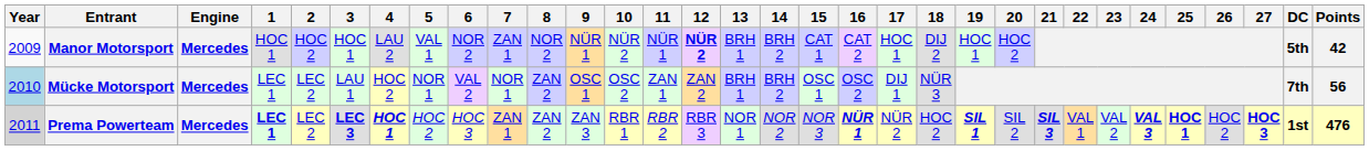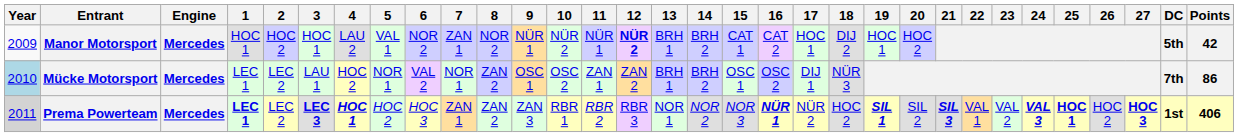 <table class="wikitable" style="text-align:center; font-size:85%">
 <tr>
 <th>Year</th>
 <th>Entrant</th>
 <th>Engine</th>
 <th>1</th>
 <th>2</th>
 <th>3</th>
 <th>4</th>
 <th>5</th>
 <th>6</th>
 <th>7</th>
 <th>8</th>
 <th>9</th>
 <th>10</th>
 <th>11</th>
 <th>12</th>
 <th>13</th>
 <th>14</th>
 <th>15</th>
 <th>16</th>
 <th>17</th>
 <th>18</th>
 <th>19</th>
 <th>20</th>
 <th>21</th>
 <th>22</th>
 <th>23</th>
 <th>24</th>
 <th>25</th>
 <th>26</th>
 <th>27</th>
 <th>DC</th>
 <th>Points</th>
 </tr>
 <tr>
 <td><a href='#'>2009</a></td>
 <th nowrap><a href='#'>Manor Motorsport</a></th>
 <th nowrap><a href='#'>Mercedes</a></th>
 <td style=background:#DFDFDF><a href='#'>HOC<br>1</a><br></td>
 <td style=background:#CFCFFF><a href='#'>HOC<br>2</a><br></td>
 <td style="background:#DFFFDF"><a href='#'>HOC<br>1</a><br></td>
 <td style=background:#DFDFDF><a href='#'>LAU<br>2</a><br></td>
 <td style="background:#DFFFDF"><a href='#'>VAL<br>1</a><br></td>
 <td style=background:#CFCFFF><a href='#'>NOR<br>2</a><br></td>
 <td style=background:#CFCFFF><a href='#'>ZAN<br>1</a><br></td>
 <td style="background:#CFCFFF"><a href='#'>NOR<br>2</a><br></td>
 <td style="background:#FFDF9F"><a href='#'>NÜR<br>1</a><br></td>
 <td style="background:#DFFFDF"><a href='#'>NÜR<br>2</a><br></td>
 <td style=background:#CFCFFF><a href='#'>NÜR<br>1</a><br></td>
 <td style=background:#EFCFFF><strong><a href='#'>NÜR<br>2</a><br></strong></td>
 <td style=background:#CFCFFF><a href='#'>BRH<br>1</a><br></td>
 <td style=background:#CFCFFF><a href='#'>BRH<br>2</a><br></td>
 <td style=background:#CFCFFF><a href='#'>CAT<br>1</a><br></td>
 <td style=background:#EFCFFF><a href='#'>CAT<br>2</a><br></td>
 <td style="background:#DFFFDF"><a href='#'>HOC<br>1</a><br></td>
 <td style=background:#DFDFDF><a href='#'>DIJ<br>2</a><br></td>
 <td style=background:#DFFFDF><a href='#'>HOC<br>1</a><br></td>
 <td style=background:#CFCFFF><a href='#'>HOC<br>2</a><br></td>
 <th colspan=7></th>
 <th>5th</th>
 <th>42</th>
 </tr>
 <tr>
 <td style="background: lightblue;"><a href='#'>2010</a></td>
 <th nowrap><a href='#'>Mücke Motorsport</a></th>
 <th nowrap><a href='#'>Mercedes</a></th>
 <td style="background:#DFFFDF"><a href='#'>LEC<br>1</a><br></td>
 <td style="background:#DFFFDF"><a href='#'>LEC<br>2</a><br></td>
 <td style=background:#DFFFDF><a href='#'>LAU<br>1</a><br></td>
 <td style="background:#FFFFBF"><a href='#'>HOC<br>2</a><br></td>
 <td style=background:#DFFFDF><a href='#'>NOR<br>1</a><br></td>
 <td style="background:#EFCFFF"><a href='#'>VAL<br>2</a><br></td>
 <td style="background:#DFFFDF"><a href='#'>NOR<br>1</a><br></td>
 <td style=background:#CFCFFF><a href='#'>ZAN<br>2</a><br></td>
 <td style=background:#FFDF9F><a href='#'>OSC<br>1</a><br></td>
 <td style=background:#DFFFDF><a href='#'>OSC<br>2</a><br></td>
 <td style="background:#DFFFDF"><a href='#'>ZAN<br>1</a><br></td>
 <td style="background:#FFDF9F"><a href='#'>ZAN<br>2</a><br></td>
 <td style="background:#CFCFFF"><a href='#'>BRH<br>1</a><br></td>
 <td style="background:#CFCFFF"><a href='#'>BRH<br>2</a><br></td>
 <td style="background:#DFFFDF"><a href='#'>OSC<br>1</a><br></td>
 <td style="background:#CFCFFF"><a href='#'>OSC<br>2</a><br></td>
 <td style=background:#DFFFDF><a href='#'>DIJ<br>1</a><br></td>
 <td style="background:#DFDFDF"><a href='#'>NÜR<br>3</a><br></td>
 <th colspan=9></th>
 <th>7th</th>
-<th>56</th>
+<th>86</th>
 </tr>
 <tr>
 <td style="background: lightgrey;"><a href='#'>2011</a></td>
 <th nowrap><a href='#'>Prema Powerteam</a></th>
 <th nowrap><a href='#'>Mercedes</a></th>
 <td style="background:#DFFFDF"><strong><a href='#'>LEC<br>1</a></strong><br></td>
 <td style="background:#FFFFBF"><a href='#'>LEC<br>2</a><br></td>
 <td style="background:#DFDFDF"><strong><a href='#'>LEC<br>3</a></strong><br></td>
 <td style="background:#FFFFBF"><strong><em><a href='#'>HOC<br>1</a></em></strong><br></td>
 <td style="background:#DFFFDF"><em><a href='#'>HOC<br>2</a></em><br></td>
 <td style="background:#FFFFBF"><em><a href='#'>HOC<br>3</a></em><br></td>
 <td style="background:#FFDF9F"><a href='#'>ZAN<br>1</a><br></td>
 <td style="background:#DFFFDF"><a href='#'>ZAN<br>2</a><br></td>
 <td style="background:#DFFFDF"><a href='#'>ZAN<br>3</a><br></td>
 <td style="background:#FFFFBF"><a href='#'>RBR<br>1</a><br></td>
 <td style="background:#FFFFBF"><em><a href='#'>RBR<br>2</a></em><br></td>
 <td style="background:#EFCFFF"><a href='#'>RBR<br>3</a><br></td>
 <td style="background:#DFFFDF"><a href='#'>NOR<br>1</a><br></td>
 <td style="background:#DFDFDF"><em><a href='#'>NOR<br>2</a></em><br></td>
 <td style="background:#DFDFDF"><em><a href='#'>NOR<br>3</a></em><br></td>
 <td style="background:#FFFFBF"><strong><em><a href='#'>NÜR<br>1</a></em><br></strong></td>
 <td style="background:#FFFFBF"><a href='#'>NÜR<br>2</a><br></td>
 <td style="background:#DFDFDF"><a href='#'>HOC<br>2</a><br></td>
 <td style="background:#FFFFBF"><strong><em><a href='#'>SIL<br>1</a></em></strong><br></td>
 <td style="background:#DFDFDF"><a href='#'>SIL<br>2</a><br></td>
 <td style="background:#DFDFDF"><strong><em><a href='#'>SIL<br>3</a></em></strong><br></td>
 <td style="background:#FFDF9F"><a href='#'>VAL<br>1</a><br></td>
 <td style="background:#DFFFDF"><a href='#'>VAL<br>2</a><br></td>
 <td style="background:#FFFFBF"><strong><em><a href='#'>VAL<br>3</a></em></strong><br></td>
 <td style="background:#FFFFBF"><strong><a href='#'>HOC<br>1</a></strong><br></td>
 <td style="background:#DFDFDF"><a href='#'>HOC<br>2</a><br></td>
 <td style="background:#FFFFBF"><strong><a href='#'>HOC<br>3</a></strong><br></td>
 <td style="background:#FFFFBF"><strong>1st</strong></td>
-<td style="background:#FFFFBF"><strong>476</strong></td>
+<td style="background:#FFFFBF"><strong>406</strong></td>
 </tr>
 </table>
